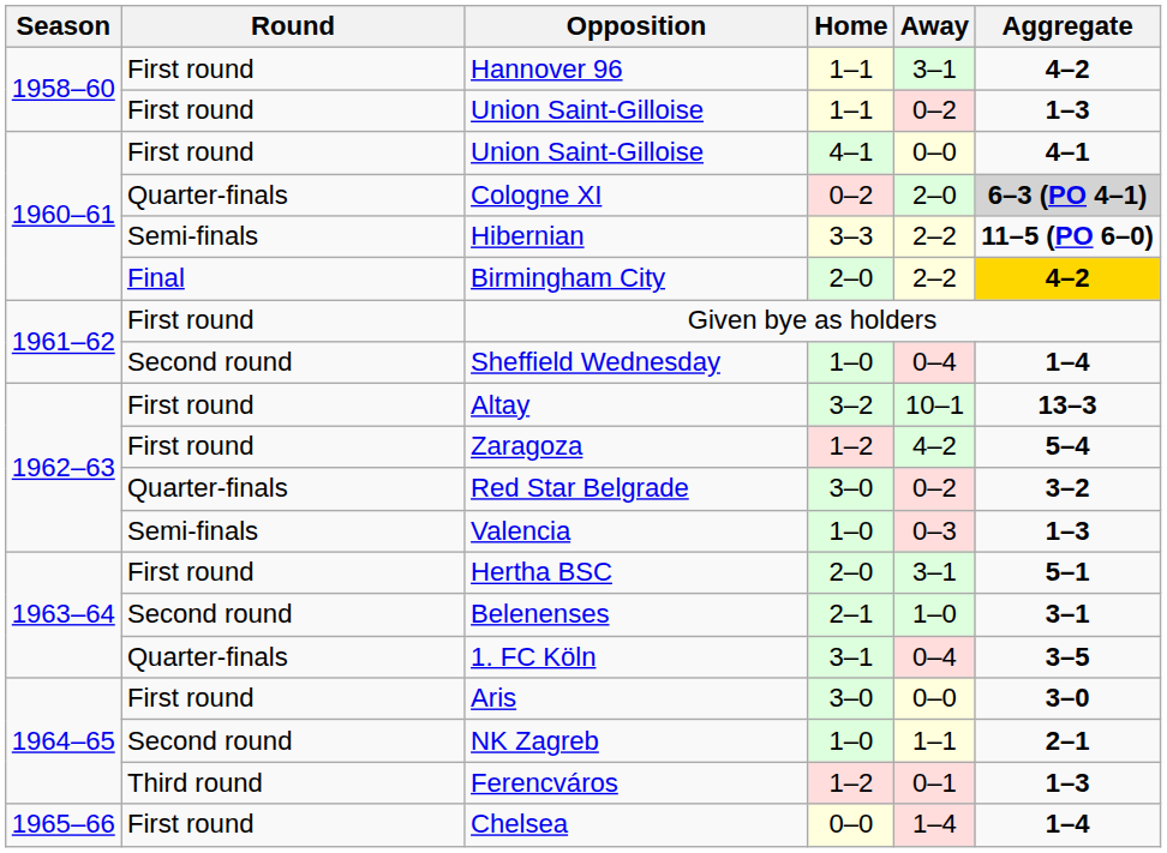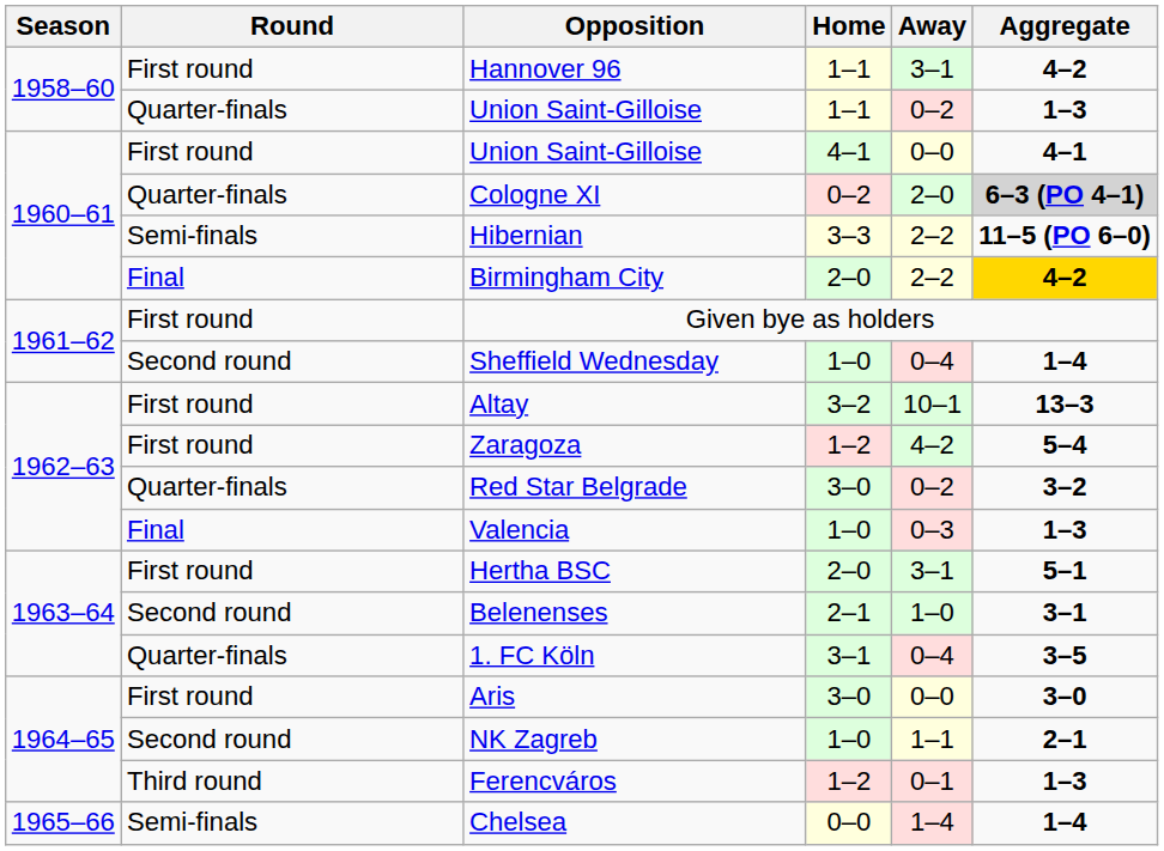 <table class="wikitable">
 <tr>
 <th>Season</th>
 <th width=200>Round</th>
 <th width=200>Opposition</th>
 <th>Home</th>
 <th>Away</th>
 <th>Aggregate</th>
 </tr>
 <tr>
 <td rowspan='2'><a href='#'>1958–60</a></td>
 <td>First round</td>
 <td> <a href='#'>Hannover 96</a></td>
 <td style="text-align:center; background:#ffd;">1–1</td>
 <td style="text-align:center; background:#dfd;">3–1</td>
 <td style="text-align:center;"><strong>4–2 </strong></td>
 </tr>
 <tr>
-<td>First round</td>
+<td>Quarter-finals</td>
 <td> <a href='#'>Union Saint-Gilloise</a></td>
 <td style="text-align:center; background:#ffd;">1–1</td>
 <td style="text-align:center; background:#fdd;">0–2</td>
 <td style="text-align:center;"><strong>1–3</strong></td>
 </tr>
 <tr>
 <td rowspan='4'><a href='#'>1960–61</a></td>
 <td>First round</td>
 <td> <a href='#'>Union Saint-Gilloise</a></td>
 <td style="text-align:center; background:#dfd;">4–1</td>
 <td style="text-align:center; background:#ffd;">0–0</td>
 <td style="text-align:center;"><strong>4–1</strong></td>
 </tr>
 <tr>
 <td>Quarter-finals</td>
 <td> <a href='#'>Cologne XI</a></td>
 <td style="text-align:center; background:#fdd;">0–2</td>
 <td style="text-align:center; background:#dfd;">2–0</td>
 <td style="background: lightgrey; text-align:center;"><strong>6–3 (<a href='#'>PO</a> 4–1)</strong></td>
 </tr>
 <tr>
 <td>Semi-finals</td>
 <td> <a href='#'>Hibernian</a></td>
 <td style="text-align:center; background:#ffd;">3–3</td>
 <td style="text-align:center; background:#ffd;">2–2</td>
 <td style="text-align:center;"><strong>11–5 (<a href='#'>PO</a> 6–0)</strong></td>
 </tr>
 <tr>
 <td><a href='#'>Final</a></td>
 <td> <a href='#'>Birmingham City</a></td>
 <td style="text-align:center; background:#dfd;">2–0</td>
 <td style="text-align:center; background:#ffd;">2–2</td>
 <td bgcolor=Gold style="text-align:center;"><strong>4–2</strong></td>
 </tr>
 <tr>
 <td rowspan='2'><a href='#'>1961–62</a></td>
 <td>First round</td>
 <td colspan='4' align=center>Given bye as holders</td>
 </tr>
 <tr>
 <td>Second round</td>
 <td> <a href='#'>Sheffield Wednesday</a></td>
 <td style="text-align:center; background:#dfd;">1–0</td>
 <td style="text-align:center; background:#fdd;">0–4</td>
 <td style="text-align:center;"><strong>1–4</strong></td>
 </tr>
 <tr>
 <td rowspan='4'><a href='#'>1962–63</a></td>
 <td>First round</td>
 <td> <a href='#'>Altay</a></td>
 <td style="text-align:center; background:#dfd;">3–2</td>
 <td style="text-align:center; background:#dfd;">10–1</td>
 <td style="text-align:center;"><strong>13–3</strong></td>
 </tr>
 <tr>
 <td>First round</td>
 <td> <a href='#'>Zaragoza</a></td>
 <td style="text-align:center; background:#fdd;">1–2</td>
 <td style="text-align:center; background:#dfd;">4–2</td>
 <td style="text-align:center;"><strong>5–4</strong></td>
 </tr>
 <tr>
 <td>Quarter-finals</td>
 <td> <a href='#'>Red Star Belgrade</a></td>
 <td style="text-align:center; background:#dfd;">3–0</td>
 <td style="text-align:center; background:#fdd;">0–2</td>
 <td style="text-align:center;"><strong>3–2</strong></td>
 </tr>
 <tr>
-<td>Semi-finals</td>
+<td><a href='#'>Final</a></td>
 <td> <a href='#'>Valencia</a></td>
 <td style="text-align:center; background:#dfd;">1–0</td>
 <td style="text-align:center; background:#fdd;">0–3</td>
 <td style="text-align:center;"><strong>1–3</strong></td>
 </tr>
 <tr>
 <td rowspan='3'><a href='#'>1963–64</a></td>
 <td>First round</td>
 <td> <a href='#'>Hertha BSC</a></td>
 <td style="text-align:center; background:#dfd;">2–0</td>
 <td style="text-align:center; background:#dfd;">3–1</td>
 <td style="text-align:center;"><strong>5–1</strong></td>
 </tr>
 <tr>
 <td>Second round</td>
 <td> <a href='#'>Belenenses</a></td>
 <td style="text-align:center; background:#dfd;">2–1</td>
 <td style="text-align:center; background:#dfd;">1–0</td>
 <td style="text-align:center;"><strong>3–1</strong></td>
 </tr>
 <tr>
 <td>Quarter-finals</td>
 <td> <a href='#'>1. FC Köln</a></td>
 <td style="text-align:center; background:#dfd;">3–1</td>
 <td style="text-align:center; background:#fdd;">0–4</td>
 <td style="text-align:center;"><strong>3–5</strong></td>
 </tr>
 <tr>
 <td rowspan='3'><a href='#'>1964–65</a></td>
 <td>First round</td>
 <td> <a href='#'>Aris</a></td>
 <td style="text-align:center; background:#dfd;">3–0</td>
 <td style="text-align:center; background:#ffd;">0–0</td>
 <td style="text-align:center;"><strong>3–0</strong></td>
 </tr>
 <tr>
 <td>Second round</td>
 <td> <a href='#'>NK Zagreb</a></td>
 <td style="text-align:center; background:#dfd;">1–0</td>
 <td style="text-align:center; background:#ffd;">1–1</td>
 <td style="text-align:center;"><strong>2–1</strong></td>
 </tr>
 <tr>
 <td>Third round</td>
 <td> <a href='#'>Ferencváros</a></td>
 <td style="text-align:center; background:#fdd;">1–2</td>
 <td style="text-align:center; background:#fdd;">0–1</td>
 <td style="text-align:center;"><strong>1–3</strong></td>
 </tr>
 <tr>
 <td><a href='#'>1965–66</a></td>
-<td>First round</td>
+<td>Semi-finals</td>
 <td> <a href='#'>Chelsea</a></td>
 <td style="text-align:center; background:#ffd;">0–0</td>
 <td style="text-align:center; background:#fdd;">1–4</td>
 <td style="text-align:center;"><strong>1–4</strong></td>
 </tr>
 </table>
